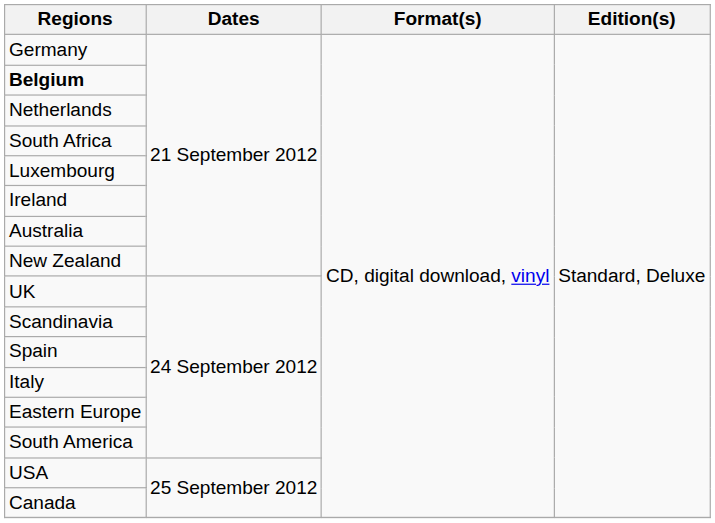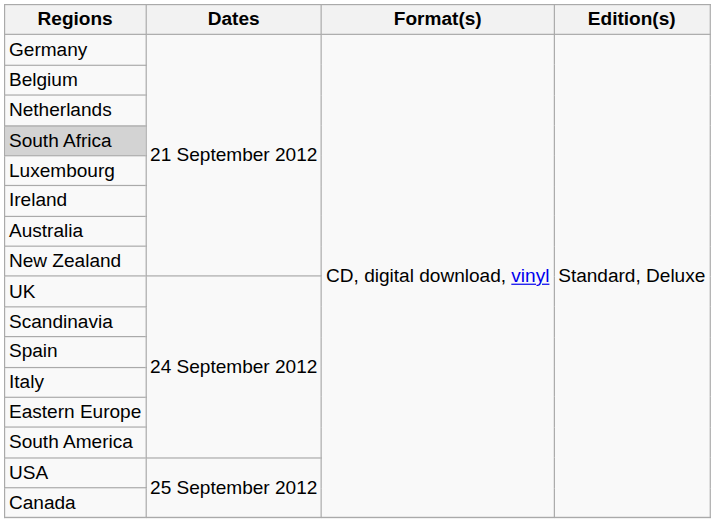 <table class="wikitable plainrowheaders">
 <tr>
 <th scope="col">Regions</th>
 <th scope="col">Dates</th>
 <th scope="col">Format(s)</th>
 <th scope="col">Edition(s)</th>
 </tr>
 <tr>
 <td>Germany</td>
 <td rowspan="8">21 September 2012</td>
 <td rowspan="16">CD, digital download, <a href='#'>vinyl</a></td>
 <td rowspan="16">Standard, Deluxe</td>
 </tr>
 <tr>
-<td><strong>Belgium</strong></td>
+<td>Belgium</td>
 </tr>
 <tr>
 <td>Netherlands</td>
 </tr>
 <tr>
-<td>South Africa</td>
+<td style="background: lightgrey;">South Africa</td>
 </tr>
 <tr>
 <td>Luxembourg</td>
 </tr>
 <tr>
 <td>Ireland</td>
 </tr>
 <tr>
 <td>Australia</td>
 </tr>
 <tr>
 <td>New Zealand</td>
 </tr>
 <tr>
 <td>UK</td>
 <td rowspan="6">24 September 2012</td>
 </tr>
 <tr>
 <td>Scandinavia</td>
 </tr>
 <tr>
 <td>Spain</td>
 </tr>
 <tr>
 <td>Italy</td>
 </tr>
 <tr>
 <td>Eastern Europe</td>
 </tr>
 <tr>
 <td>South America</td>
 </tr>
 <tr>
 <td>USA</td>
 <td rowspan="2">25 September 2012</td>
 </tr>
 <tr>
 <td>Canada</td>
 </tr>
 <tr>
 </tr>
 </table>
